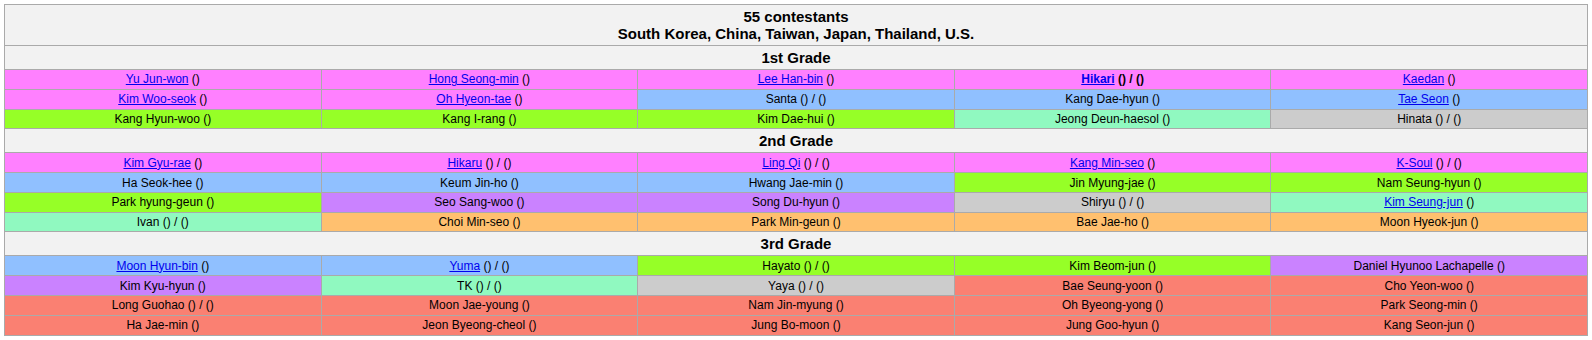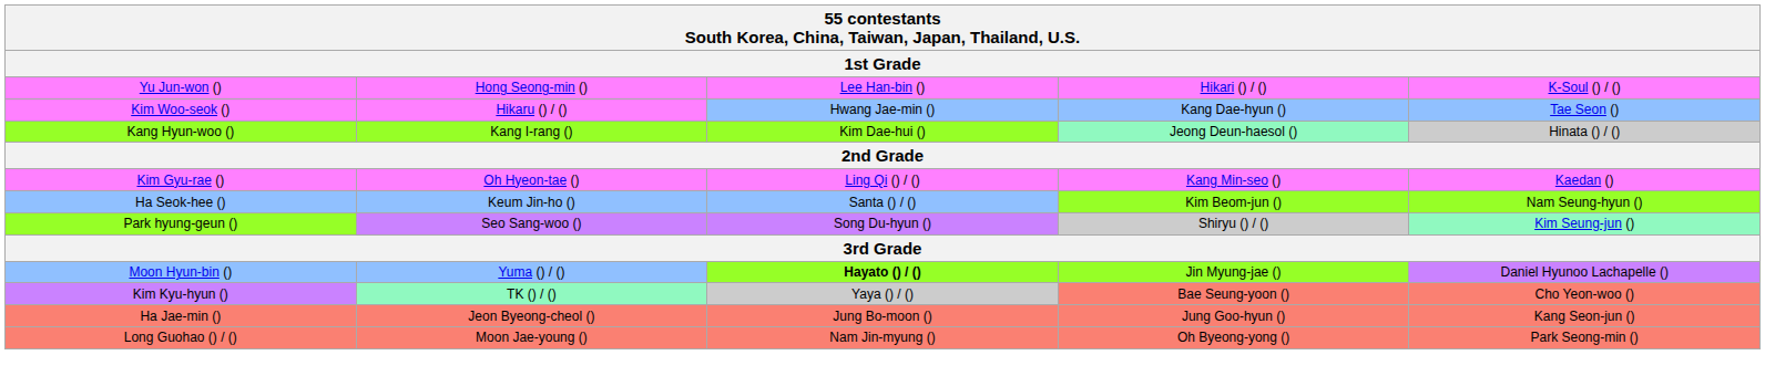 <table class="wikitable" style="font-size:75%; text-align:center; width:100%">
 <tr>
 <th colspan="5" scope="col" style="font-size:125%; width:100%">55 contestants<br>South Korea, China, Taiwan, Japan, Thailand, U.S.</th>
 </tr>
 <tr>
 <th colspan="5" scope="col" style="font-size:125%; width:100%">1st Grade</th>
 </tr>
 <tr>
 <td width="5%" style="background:#FF80FF"><a href='#'>Yu Jun-won</a> ()</td>
 <td width="5%" style="background:#FF80FF"><a href='#'>Hong Seong-min</a> ()</td>
 <td width="5%" style="background:#FF80FF"><a href='#'>Lee Han-bin</a> ()</td>
-<td width="5%" style="background:#FF80FF"><strong><a href='#'>Hikari</a> () / ()</strong></td>
-<td style="background:#FF80FF"><a href='#'>Kaedan</a> ()</td>
+<td width="5%" style="background:#FF80FF"><a href='#'>Hikari</a> () / ()</td>
+<td width="5%" style="background:#FF80FF"><a href='#'>K-Soul</a> () / ()</td>
 </tr>
 <tr>
 <td style="background:#FF80FF"><a href='#'>Kim Woo-seok</a> ()</td>
-<td style="background:#FF80FF"><a href='#'>Oh Hyeon-tae</a> ()</td>
-<td style="background:#90C0FF">Santa () / ()</td>
+<td style="background:#FF80FF"><a href='#'>Hikaru</a> () / ()</td>
+<td style="background:#90C0FF">Hwang Jae-min ()</td>
 <td style="background:#90C0FF">Kang Dae-hyun ()</td>
 <td style="background:#90C0FF"><a href='#'>Tae Seon</a> ()</td>
 </tr>
 <tr>
 <td style="background:#96FF27">Kang Hyun-woo ()</td>
 <td style="background:#96FF27">Kang I-rang ()</td>
 <td style="background:#96FF27">Kim Dae-hui ()</td>
 <td style="background:#90F9C0">Jeong Deun-haesol ()</td>
 <td style="background:#CCCCCC">Hinata () / ()</td>
 </tr>
 <tr>
 <th colspan="5" scope="col" style="font-size:125%">2nd Grade</th>
 </tr>
 <tr>
 <td style="background:#FF80FF"><a href='#'>Kim Gyu-rae</a> ()</td>
-<td style="background:#FF80FF"><a href='#'>Hikaru</a> () / ()</td>
+<td style="background:#FF80FF"><a href='#'>Oh Hyeon-tae</a> ()</td>
 <td style="background:#FF80FF"><a href='#'>Ling Qi</a> () / ()</td>
 <td style="background:#FF80FF"><a href='#'>Kang Min-seo</a> ()</td>
-<td width="5%" style="background:#FF80FF"><a href='#'>K-Soul</a> () / ()</td>
+<td style="background:#FF80FF"><a href='#'>Kaedan</a> ()</td>
 </tr>
 <tr>
 <td style="background:#90C0FF">Ha Seok-hee ()</td>
 <td style="background:#90C0FF">Keum Jin-ho ()</td>
-<td style="background:#90C0FF">Hwang Jae-min ()</td>
-<td style="background:#96FF27">Jin Myung-jae ()</td>
+<td style="background:#90C0FF">Santa () / ()</td>
+<td style="background:#96FF27">Kim Beom-jun ()</td>
 <td style="background:#96FF27">Nam Seung-hyun ()</td>
 </tr>
 <tr>
 <td style="background:#96FF27">Park hyung-geun ()</td>
 <td style="background:#CA82FF">Seo Sang-woo ()</td>
 <td style="background:#CA82FF">Song Du-hyun ()</td>
 <td style="background:#CCCCCC">Shiryu () / ()</td>
 <td style="background:#90F9C0"><a href='#'>Kim Seung-jun</a> ()</td>
 </tr>
 <tr>
-<td style="background:#90F9C0">Ivan () / ()</td>
-<td style="background:#FFC06F">Choi Min-seo ()</td>
-<td style="background:#FFC06F">Park Min-geun ()</td>
-<td style="background:#FFC06F">Bae Jae-ho ()</td>
-<td style="background:#FFC06F">Moon Hyeok-jun ()</td>
-</tr>
-<tr>
 <th colspan="5" scope="col" style="font-size:125%">3rd Grade</th>
 </tr>
 <tr>
 <td style="background:#90C0FF"><a href='#'>Moon Hyun-bin</a> ()</td>
 <td style="background:#90C0FF"><a href='#'>Yuma</a> () / ()</td>
-<td style="background:#96FF27">Hayato () / ()</td>
-<td style="background:#96FF27">Kim Beom-jun ()</td>
+<td style="background:#96FF27"><strong>Hayato () / ()</strong></td>
+<td style="background:#96FF27">Jin Myung-jae ()</td>
 <td style="background:#CA82FF">Daniel Hyunoo Lachapelle ()</td>
 </tr>
 <tr>
 <td style="background:#CA82FF">Kim Kyu-hyun ()</td>
 <td style="background:#90F9C0">TK () / ()</td>
 <td style="background:#CCCCCC">Yaya () / ()</td>
 <td style="background:salmon">Bae Seung-yoon ()</td>
 <td style="background:salmon">Cho Yeon-woo ()</td>
 </tr>
 <tr>
+<td style="background:salmon">Ha Jae-min ()</td>
+<td style="background:salmon">Jeon Byeong-cheol ()</td>
+<td style="background:salmon">Jung Bo-moon ()</td>
+<td style="background:salmon">Jung Goo-hyun ()</td>
+<td style="background:salmon">Kang Seon-jun ()</td>
+</tr>
+<tr>
 <td style="background:salmon">Long Guohao () / ()</td>
 <td style="background:salmon">Moon Jae-young ()</td>
 <td style="background:salmon">Nam Jin-myung ()</td>
 <td style="background:salmon">Oh Byeong-yong ()</td>
 <td style="background:salmon">Park Seong-min ()</td>
 </tr>
-<tr>
-<td style="background:salmon">Ha Jae-min ()</td>
-<td style="background:salmon">Jeon Byeong-cheol ()</td>
-<td style="background:salmon">Jung Bo-moon ()</td>
-<td style="background:salmon">Jung Goo-hyun ()</td>
-<td style="background:salmon">Kang Seon-jun ()</td>
-</tr>
 </table>
